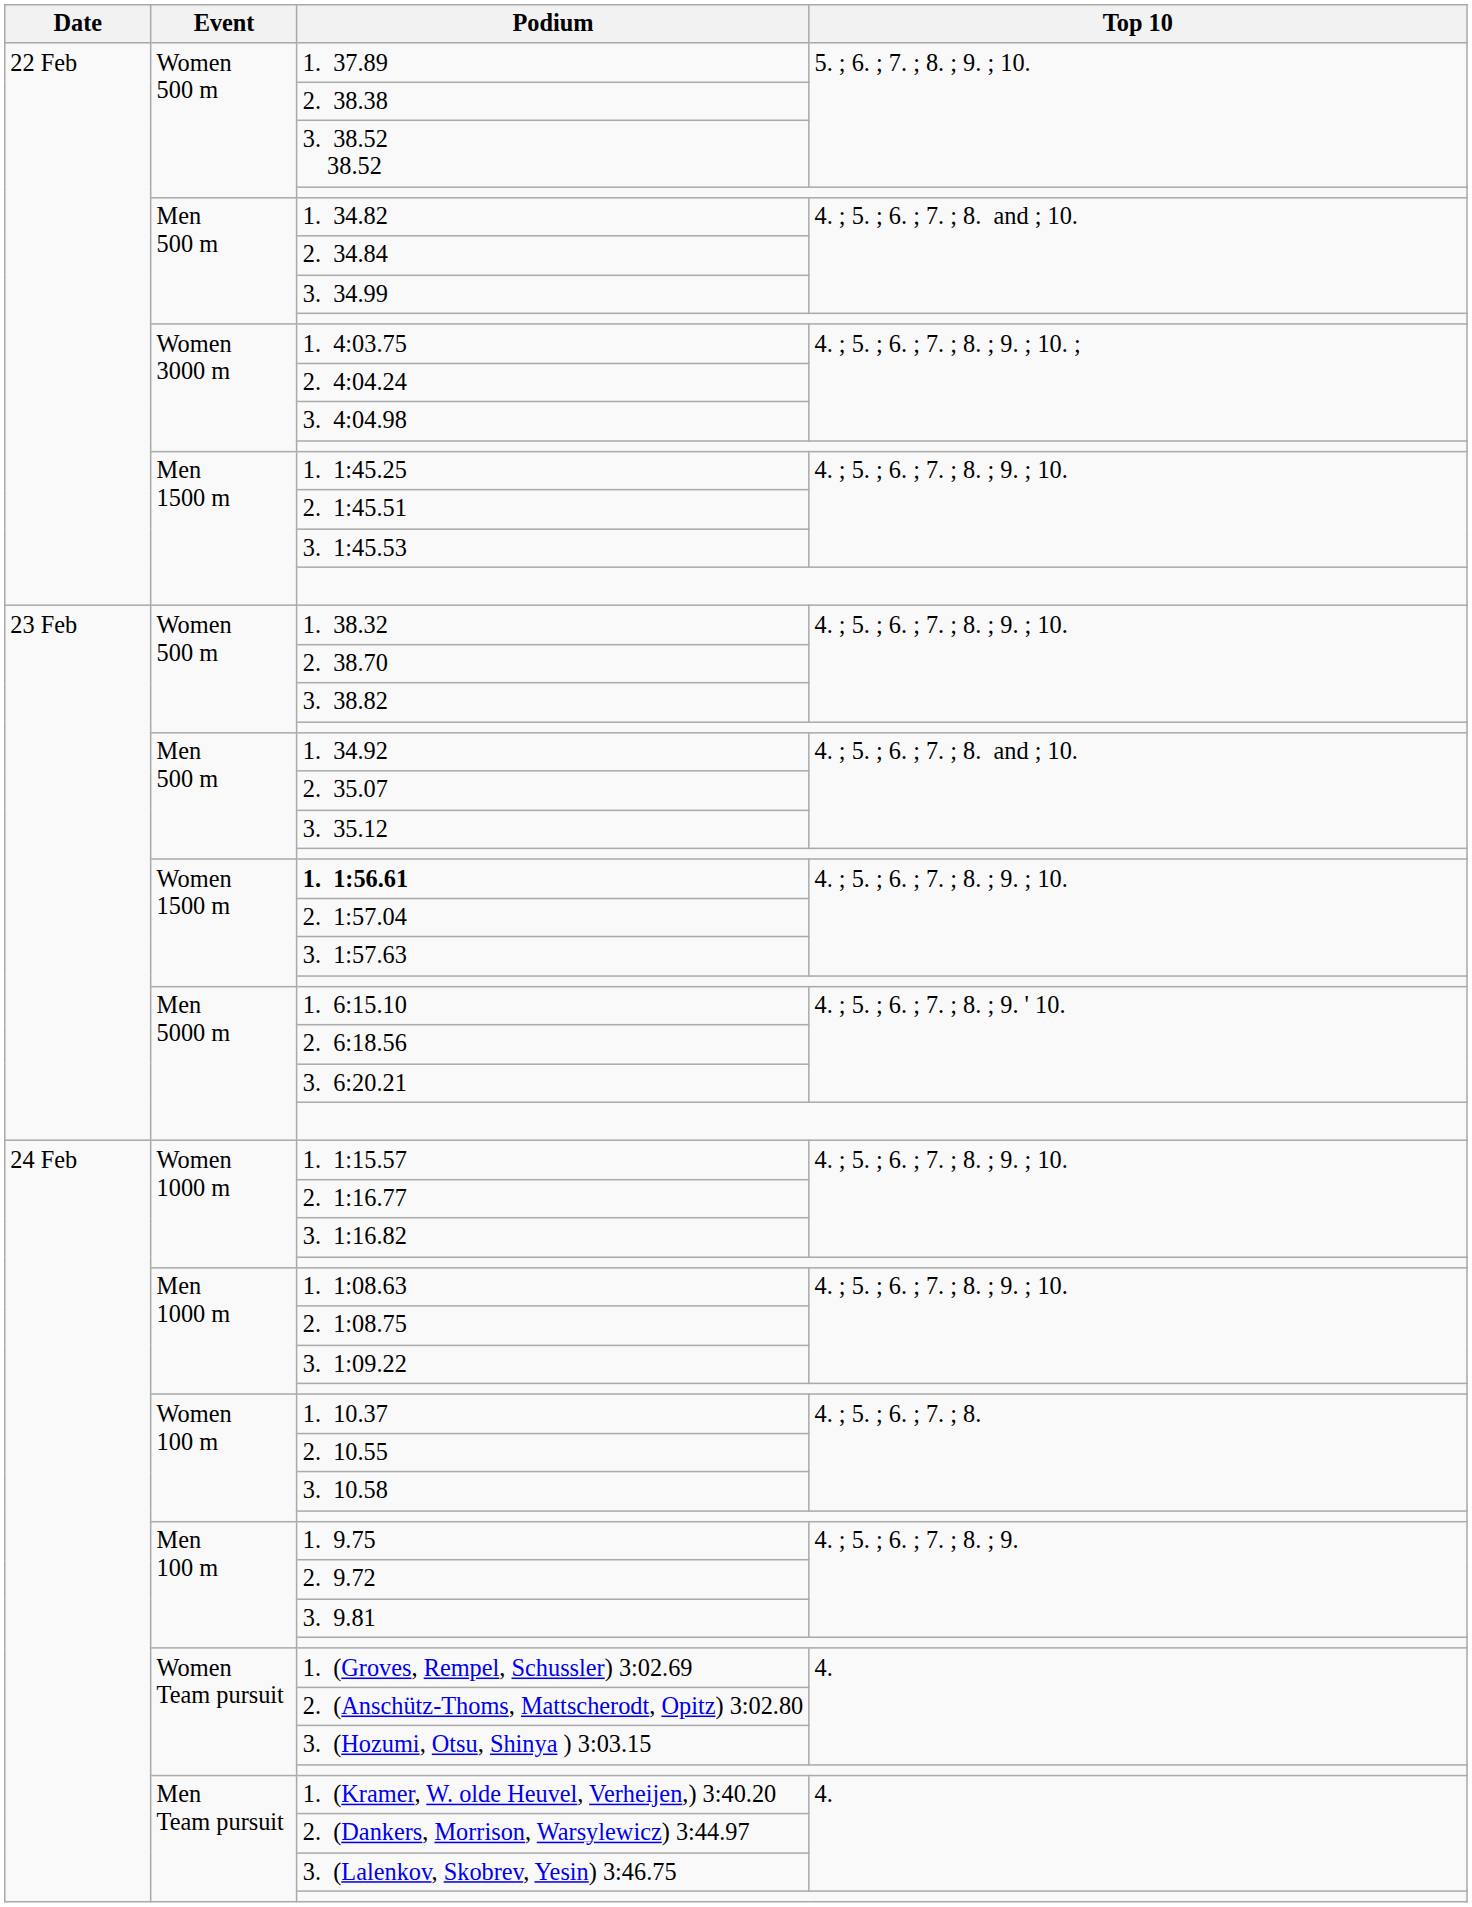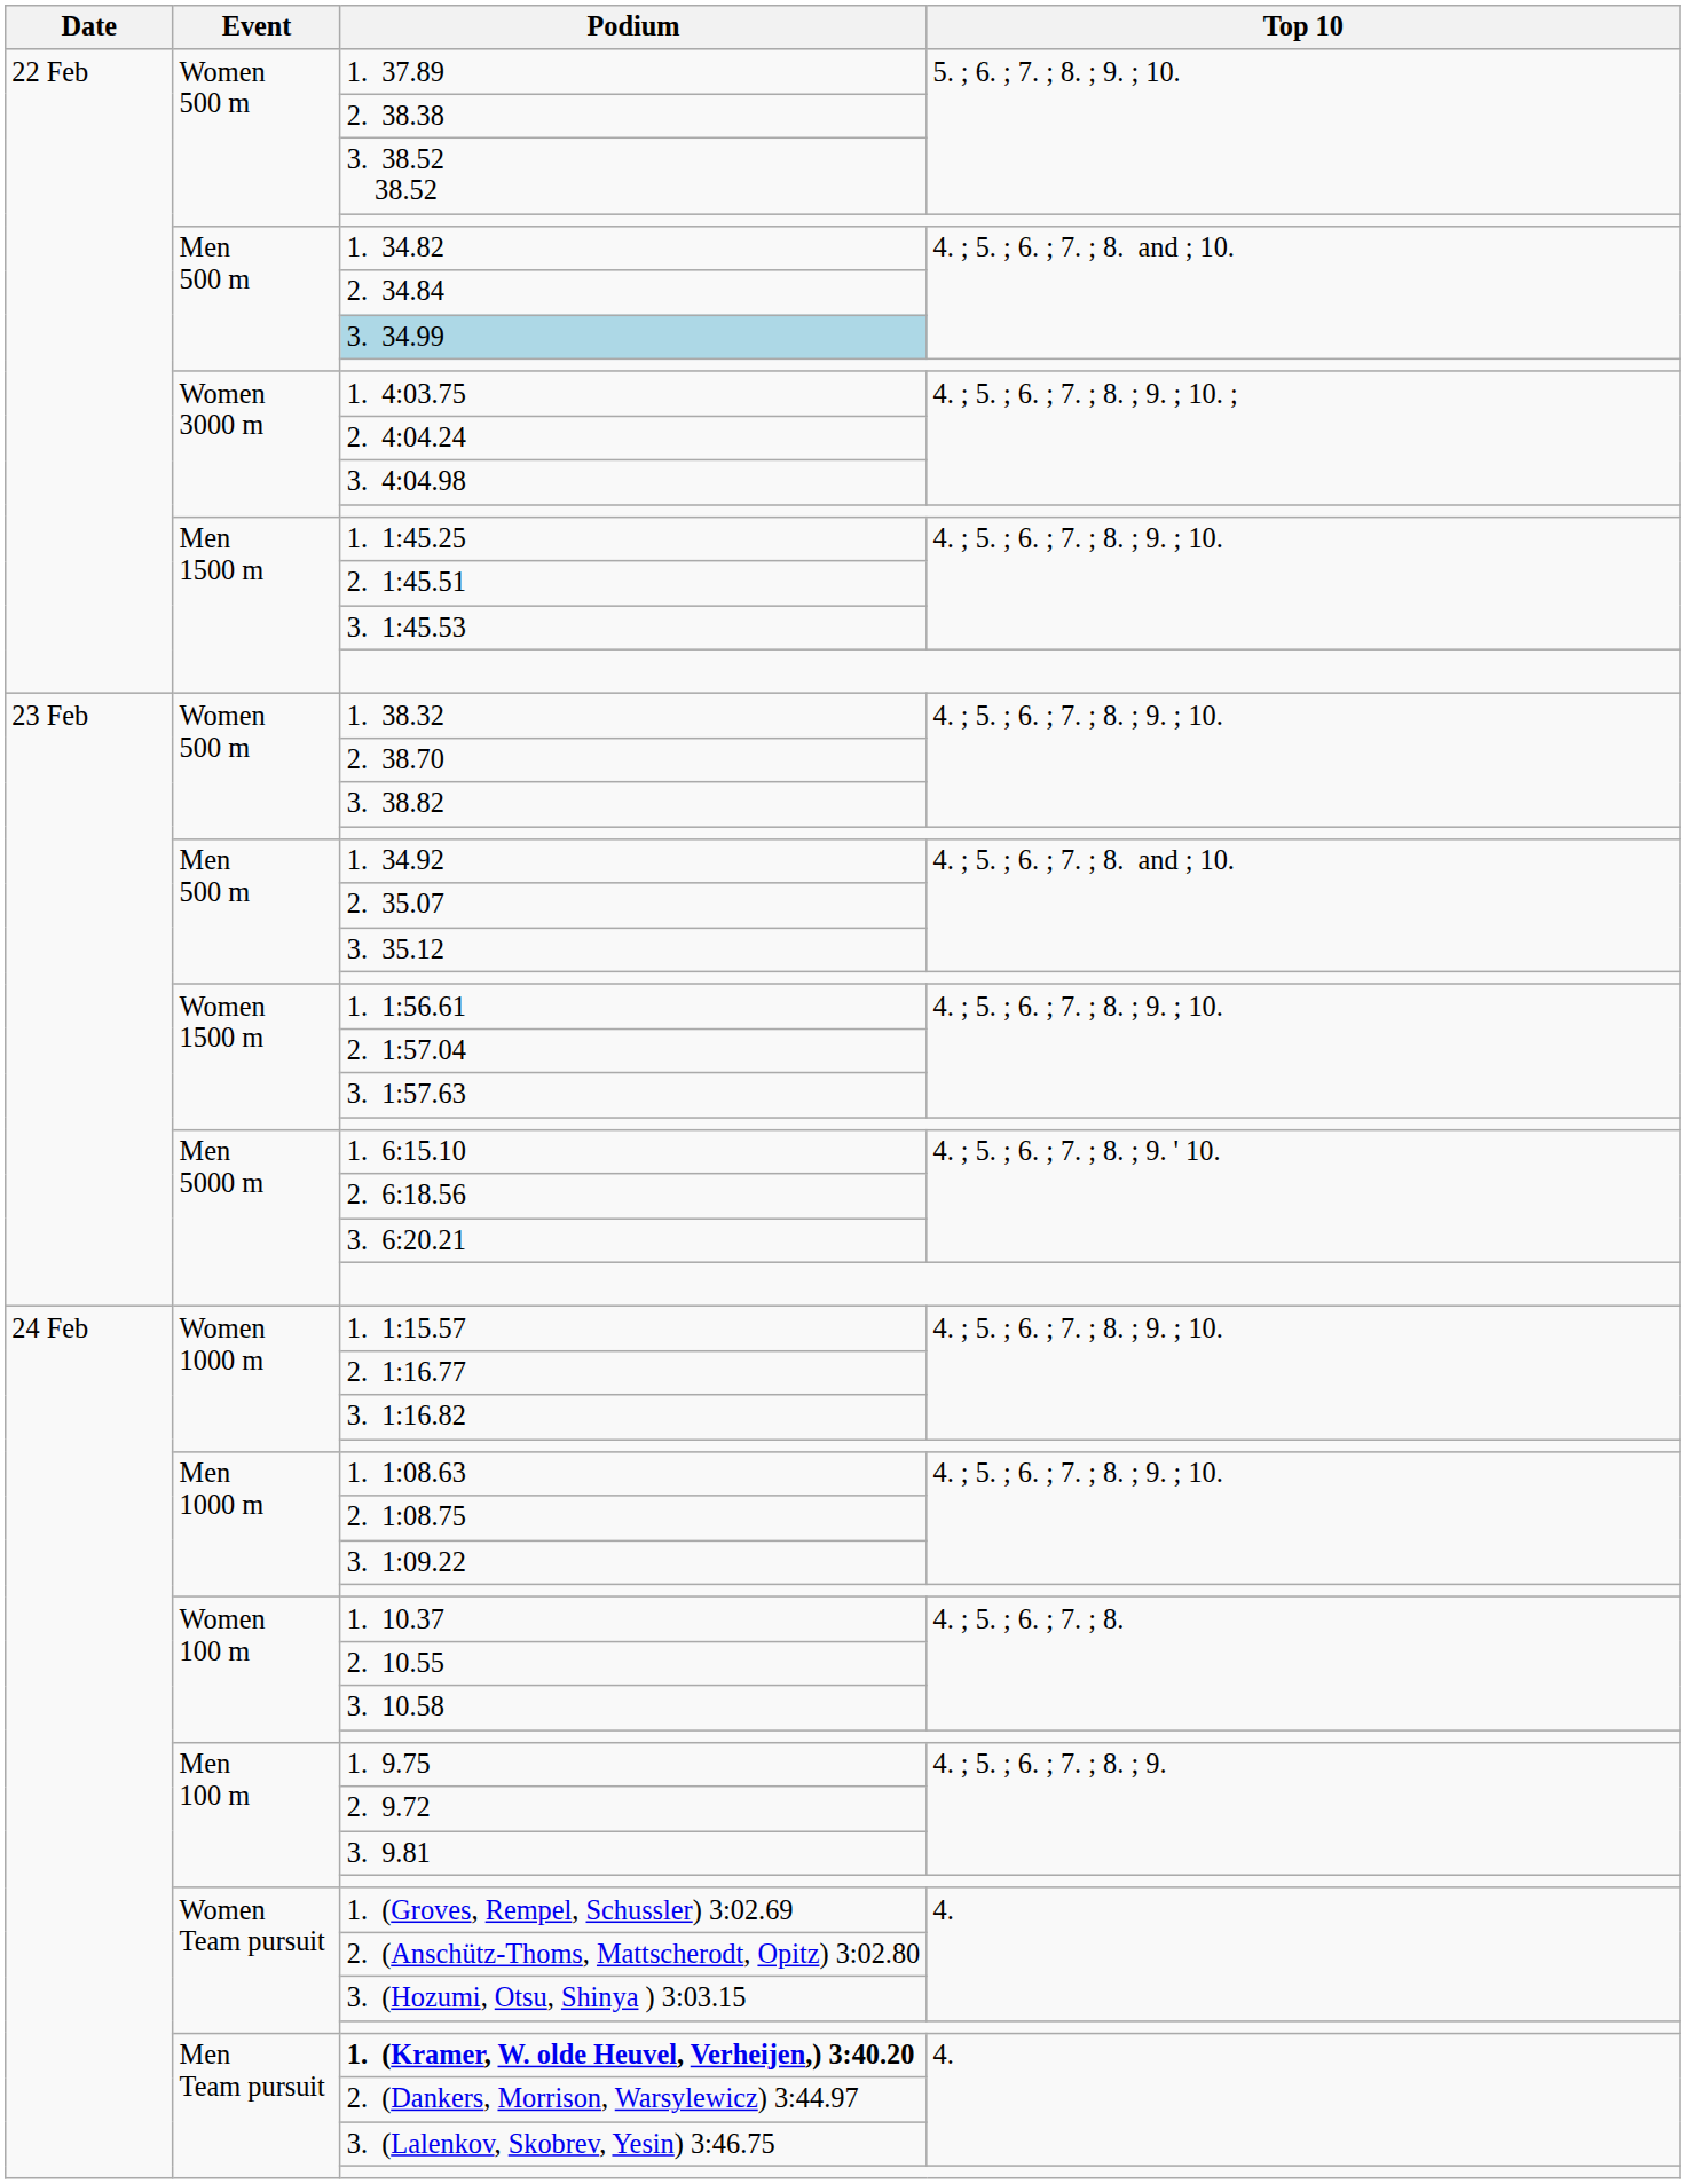 <table class="wikitable">
 <tr>
 <th width="10%">Date</th>
 <th width="10%">Event</th>
 <th width="35%">Podium</th>
 <th width="45%">Top 10<br></th>
 </tr>
 <tr valign="top">
 <td rowspan="16">22 Feb</td>
 <td rowspan="4">Women<br>500 m<br></td>
 <td>1.  37.89</td>
 <td rowspan="3">5. ; 6. ; 7. ; 8. ; 9. ; 10. </td>
 </tr>
 <tr>
 <td>2.  38.38</td>
 </tr>
 <tr>
 <td>3.  38.52<br>     38.52</td>
 </tr>
 <tr>
 <td colspan="2"></td>
 </tr>
 <tr valign="top">
 <td rowspan="4">Men<br>500 m<br></td>
 <td>1.   34.82</td>
 <td rowspan="3">4. ; 5. ; 6. ; 7. ; 8.  and ; 10. </td>
 </tr>
 <tr>
 <td>2.  34.84</td>
 </tr>
 <tr>
-<td>3.  34.99</td>
+<td style="background: lightblue;">3.  34.99</td>
 </tr>
 <tr>
 <td colspan="2"></td>
 </tr>
 <tr valign="top">
 <td rowspan="4">Women<br>3000 m<br></td>
 <td>1.   4:03.75</td>
 <td rowspan="3">4. ; 5. ; 6. ; 7. ; 8. ; 9. ; 10. ;</td>
 </tr>
 <tr>
 <td>2.  4:04.24</td>
 </tr>
 <tr>
 <td>3.  4:04.98</td>
 </tr>
 <tr>
 <td colspan="2"></td>
 </tr>
 <tr valign="top">
 <td rowspan="4">Men<br>1500 m<br></td>
 <td>1.   	1:45.25</td>
 <td rowspan="3">4. ; 5. ; 6. ; 7. ; 8. ; 9. ; 10. </td>
 </tr>
 <tr>
 <td>2.  1:45.51</td>
 </tr>
 <tr>
 <td>3.  1:45.53</td>
 </tr>
 <tr>
 <td colspan="2"><br></td>
 </tr>
 <tr valign="top">
 <td rowspan="16">23 Feb</td>
 <td rowspan="4">Women<br>500 m<br></td>
 <td>1.  38.32</td>
 <td rowspan="3">4. ; 5. ; 6. ; 7. ; 8. ; 9. ; 10. </td>
 </tr>
 <tr>
 <td>2.  38.70</td>
 </tr>
 <tr>
 <td>3.  38.82</td>
 </tr>
 <tr>
 <td colspan="2"></td>
 </tr>
 <tr valign="top">
 <td rowspan="4">Men<br>500 m<br></td>
 <td>1.  34.92</td>
 <td rowspan="3">4. ; 5. ; 6. ; 7. ; 8.  and ; 10. </td>
 </tr>
 <tr>
 <td>2.  35.07</td>
 </tr>
 <tr>
 <td>3.  35.12</td>
 </tr>
 <tr>
 <td colspan="2"></td>
 </tr>
 <tr valign="top">
 <td rowspan="4">Women<br>1500 m<br></td>
-<td><strong>1.  1:56.61</strong></td>
+<td>1.  1:56.61</td>
 <td rowspan="3">4. ; 5. ; 6. ; 7. ; 8. ; 9. ; 10. </td>
 </tr>
 <tr>
 <td>2.  1:57.04</td>
 </tr>
 <tr>
 <td>3.  1:57.63</td>
 </tr>
 <tr>
 <td colspan="2"></td>
 </tr>
 <tr valign="top">
 <td rowspan="4">Men<br>5000 m<br></td>
 <td>1.  6:15.10</td>
 <td rowspan="3">4. ; 5. ; 6. ; 7. ; 8. ; 9. ' 10. </td>
 </tr>
 <tr>
 <td>2.  6:18.56</td>
 </tr>
 <tr>
 <td>3.  6:20.21</td>
 </tr>
 <tr>
 <td colspan="2"><br></td>
 </tr>
 <tr valign="top">
 <td rowspan="24">24 Feb</td>
 <td rowspan="4">Women<br>1000 m<br></td>
 <td>1.  1:15.57</td>
 <td rowspan="3">4. ; 5. ; 6. ; 7. ; 8. ; 9. ; 10. </td>
 </tr>
 <tr>
 <td>2.   1:16.77</td>
 </tr>
 <tr>
 <td>3.  1:16.82</td>
 </tr>
 <tr>
 <td colspan="2"></td>
 </tr>
 <tr valign="top">
 <td rowspan="4">Men<br>1000 m<br></td>
 <td>1.  1:08.63</td>
 <td rowspan="3">4. ; 5. ; 6. ; 7. ; 8. ; 9. ; 10. </td>
 </tr>
 <tr>
 <td>2.  1:08.75</td>
 </tr>
 <tr>
 <td>3.  1:09.22</td>
 </tr>
 <tr>
 <td colspan="2"></td>
 </tr>
 <tr valign="top">
 <td rowspan="4">Women<br>100 m<br></td>
 <td>1.  10.37</td>
 <td rowspan="3">4. ; 5. ; 6. ; 7. ; 8. </td>
 </tr>
 <tr>
 <td>2.  10.55</td>
 </tr>
 <tr>
 <td>3.  10.58</td>
 </tr>
 <tr>
 <td colspan="2"></td>
 </tr>
 <tr valign="top">
 <td rowspan="4">Men<br>100 m<br></td>
 <td>1.  9.75</td>
 <td rowspan="3">4. ; 5. ; 6. ; 7. ; 8. ; 9. </td>
 </tr>
 <tr>
 <td>2.   9.72</td>
 </tr>
 <tr>
 <td>3.  9.81</td>
 </tr>
 <tr>
 <td colspan="2"></td>
 </tr>
 <tr valign="top">
 <td rowspan="4">Women<br>Team pursuit<br></td>
 <td>1.  (<a href='#'>Groves</a>, <a href='#'>Rempel</a>, <a href='#'>Schussler</a>) 3:02.69</td>
 <td rowspan="3">4. </td>
 </tr>
 <tr>
 <td>2.  (<a href='#'>Anschütz-Thoms</a>, <a href='#'>Mattscherodt</a>, <a href='#'>Opitz</a>) 3:02.80</td>
 </tr>
 <tr>
 <td>3.  (<a href='#'>Hozumi</a>, <a href='#'>Otsu</a>, <a href='#'>Shinya</a> ) 3:03.15</td>
 </tr>
 <tr>
 <td colspan="2"></td>
 </tr>
 <tr valign="top">
 <td rowspan="4">Men<br>Team pursuit<br></td>
-<td>1.  (<a href='#'>Kramer</a>, <a href='#'>W. olde Heuvel</a>, <a href='#'>Verheijen</a>,) 3:40.20</td>
+<td><strong>1.  (<a href='#'>Kramer</a>, <a href='#'>W. olde Heuvel</a>, <a href='#'>Verheijen</a>,) 3:40.20</strong></td>
 <td rowspan="3">4. </td>
 </tr>
 <tr>
 <td>2.  (<a href='#'>Dankers</a>, <a href='#'>Morrison</a>, <a href='#'>Warsylewicz</a>) 3:44.97</td>
 </tr>
 <tr>
 <td>3.  (<a href='#'>Lalenkov</a>, <a href='#'>Skobrev</a>, <a href='#'>Yesin</a>) 3:46.75</td>
 </tr>
 <tr>
 <td colspan="2"></td>
 </tr>
 </table>
